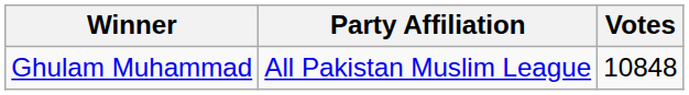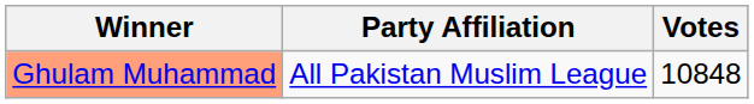 <table class="wikitable">
 <tr>
 <th>Winner</th>
 <th>Party Affiliation</th>
 <th>Votes</th>
 </tr>
 <tr>
-<td><a href='#'>Ghulam Muhammad</a></td>
+<td style="background: lightsalmon;"><a href='#'>Ghulam Muhammad</a></td>
 <td><a href='#'>All Pakistan Muslim League</a></td>
 <td>10848</td>
 </tr>
 </table>
